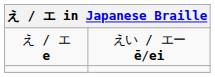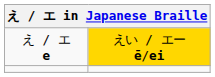 <table class="wikitable nowrap" style="text-align:center">
 <tr>
 <th colspan=2>え / エ in <a href='#'>Japanese Braille</a></th>
 </tr>
 <tr>
 <td>え / エ <br><strong>e</strong></td>
-<td>えい / エー <br><strong>ē</strong>/<strong>ei</strong></td>
+<td style="background: gold;">えい / エー <br><strong>ē</strong>/<strong>ei</strong></td>
 </tr>
 <tr>
 <td></td>
 <td></td>
 </tr>
 </table>
